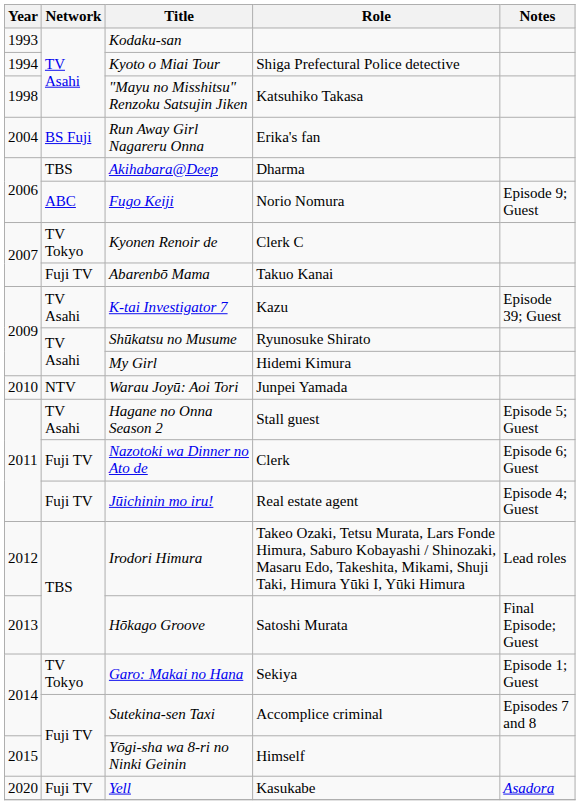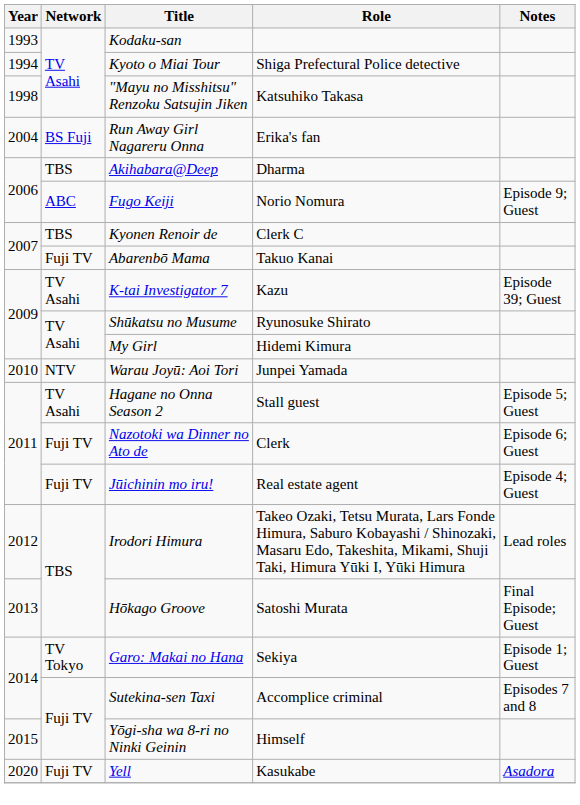 <table class="wikitable">
 <tr>
 <th>Year</th>
 <th>Network</th>
 <th>Title</th>
 <th>Role</th>
 <th>Notes</th>
 </tr>
 <tr>
 <td>1993</td>
 <td rowspan="3"><a href='#'>TV Asahi</a></td>
 <td><em>Kodaku-san</em></td>
 <td></td>
 <td></td>
 </tr>
 <tr>
 <td>1994</td>
 <td><em>Kyoto o Miai Tour</em></td>
 <td>Shiga Prefectural Police detective</td>
 <td></td>
 </tr>
 <tr>
 <td>1998</td>
 <td><em>"Mayu no Misshitsu" Renzoku Satsujin Jiken</em></td>
 <td>Katsuhiko Takasa</td>
 <td></td>
 </tr>
 <tr>
 <td>2004</td>
 <td><a href='#'>BS Fuji</a></td>
 <td><em>Run Away Girl Nagareru Onna</em></td>
 <td>Erika's fan</td>
 <td></td>
 </tr>
 <tr>
 <td rowspan="2">2006</td>
 <td>TBS</td>
 <td><em><a href='#'>Akihabara@Deep</a></em></td>
 <td>Dharma</td>
 <td></td>
 </tr>
 <tr>
 <td><a href='#'>ABC</a></td>
 <td><em><a href='#'>Fugo Keiji</a></em></td>
 <td>Norio Nomura</td>
 <td>Episode 9; Guest</td>
 </tr>
 <tr>
 <td rowspan="2">2007</td>
-<td>TV Tokyo</td>
+<td>TBS</td>
 <td><em>Kyonen Renoir de</em></td>
 <td>Clerk C</td>
 <td></td>
 </tr>
 <tr>
 <td>Fuji TV</td>
 <td><em>Abarenbō Mama</em></td>
 <td>Takuo Kanai</td>
 <td></td>
 </tr>
 <tr>
 <td rowspan="3'">2009</td>
 <td>TV Asahi</td>
 <td><em><a href='#'>K-tai Investigator 7</a></em></td>
 <td>Kazu</td>
 <td>Episode 39; Guest</td>
 </tr>
 <tr>
 <td rowspan="2">TV Asahi</td>
 <td><em>Shūkatsu no Musume</em></td>
 <td>Ryunosuke Shirato</td>
 <td></td>
 </tr>
 <tr>
 <td><em>My Girl</em></td>
 <td>Hidemi Kimura</td>
 <td></td>
 </tr>
 <tr>
 <td>2010</td>
 <td>NTV</td>
 <td><em>Warau Joyū: Aoi Tori</em></td>
 <td>Junpei Yamada</td>
 <td></td>
 </tr>
 <tr>
 <td rowspan="3">2011</td>
 <td>TV Asahi</td>
 <td><em>Hagane no Onna Season 2</em></td>
 <td>Stall guest</td>
 <td>Episode 5; Guest</td>
 </tr>
 <tr>
 <td>Fuji TV</td>
 <td><em><a href='#'>Nazotoki wa Dinner no Ato de</a></em></td>
 <td>Clerk</td>
 <td>Episode 6; Guest</td>
 </tr>
 <tr>
 <td>Fuji TV</td>
 <td><em><a href='#'>Jūichinin mo iru!</a></em></td>
 <td>Real estate agent</td>
 <td>Episode 4; Guest</td>
 </tr>
 <tr>
 <td>2012</td>
 <td rowspan="2">TBS</td>
 <td><em>Irodori Himura</em></td>
 <td>Takeo Ozaki, Tetsu Murata, Lars Fonde Himura, Saburo Kobayashi / Shinozaki, Masaru Edo, Takeshita, Mikami, Shuji Taki, Himura Yūki I, Yūki Himura</td>
 <td>Lead roles</td>
 </tr>
 <tr>
 <td>2013</td>
 <td><em>Hōkago Groove</em></td>
 <td>Satoshi Murata</td>
 <td>Final Episode; Guest</td>
 </tr>
 <tr>
 <td rowspan="2">2014</td>
 <td>TV Tokyo</td>
 <td><em><a href='#'>Garo: Makai no Hana</a></em></td>
 <td>Sekiya</td>
 <td>Episode 1; Guest</td>
 </tr>
 <tr>
 <td rowspan="2">Fuji TV</td>
 <td><em>Sutekina-sen Taxi</em></td>
 <td>Accomplice criminal</td>
 <td>Episodes 7 and 8</td>
 </tr>
 <tr>
 <td>2015</td>
 <td><em>Yōgi-sha wa 8-ri no Ninki Geinin</em></td>
 <td>Himself</td>
 <td></td>
 </tr>
 <tr>
 <td>2020</td>
 <td>Fuji TV</td>
 <td><em><a href='#'>Yell</a></em></td>
 <td>Kasukabe</td>
 <td><em><a href='#'>Asadora</a></em></td>
 </tr>
 <tr>
 </tr>
 </table>
